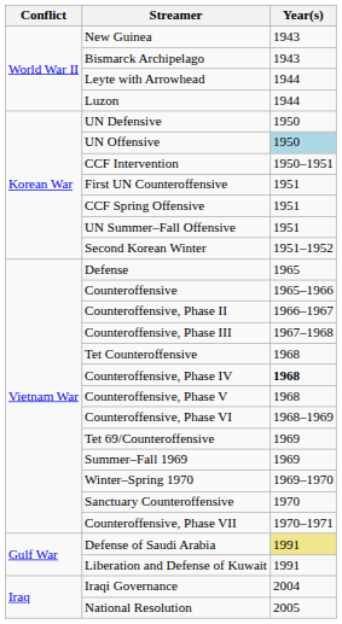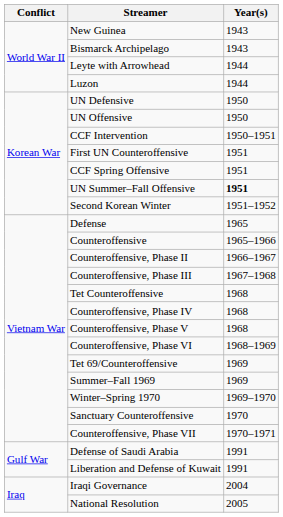 <table class=wikitable>
 <tr style="background:#efefef;">
 <th>Conflict</th>
 <th>Streamer</th>
 <th>Year(s)</th>
 </tr>
 <tr>
 <td rowspan="4"><a href='#'>World War II</a> <br> </td>
 <td>New Guinea</td>
 <td>1943</td>
 </tr>
 <tr>
 <td>Bismarck Archipelago</td>
 <td>1943</td>
 </tr>
 <tr>
 <td>Leyte with Arrowhead</td>
 <td>1944</td>
 </tr>
 <tr>
 <td>Luzon</td>
 <td>1944</td>
 </tr>
 <tr>
 <td rowspan="7"><a href='#'>Korean War</a> <br> </td>
 <td>UN Defensive</td>
 <td>1950</td>
 </tr>
 <tr>
 <td>UN Offensive</td>
-<td style="background: lightblue;">1950</td>
+<td>1950</td>
 </tr>
 <tr>
 <td>CCF Intervention</td>
 <td>1950–1951</td>
 </tr>
 <tr>
 <td>First UN Counteroffensive</td>
 <td>1951</td>
 </tr>
 <tr>
 <td>CCF Spring Offensive</td>
 <td>1951</td>
 </tr>
 <tr>
 <td>UN Summer–Fall Offensive</td>
-<td>1951</td>
+<td><strong>1951</strong></td>
 </tr>
 <tr>
 <td>Second Korean Winter</td>
 <td>1951–1952</td>
 </tr>
 <tr>
 <td rowspan="13"><a href='#'>Vietnam War</a> <br> </td>
 <td>Defense</td>
 <td>1965</td>
 </tr>
 <tr>
 <td>Counteroffensive</td>
 <td>1965–1966</td>
 </tr>
 <tr>
 <td>Counteroffensive, Phase II</td>
 <td>1966–1967</td>
 </tr>
 <tr>
 <td>Counteroffensive, Phase III</td>
 <td>1967–1968</td>
 </tr>
 <tr>
 <td>Tet Counteroffensive</td>
 <td>1968</td>
 </tr>
 <tr>
 <td>Counteroffensive, Phase IV</td>
-<td><strong>1968</strong></td>
+<td>1968</td>
 </tr>
 <tr>
 <td>Counteroffensive, Phase V</td>
 <td>1968</td>
 </tr>
 <tr>
 <td>Counteroffensive, Phase VI</td>
 <td>1968–1969</td>
 </tr>
 <tr>
 <td>Tet 69/Counteroffensive</td>
 <td>1969</td>
 </tr>
 <tr>
 <td>Summer–Fall 1969</td>
 <td>1969</td>
 </tr>
 <tr>
 <td>Winter–Spring 1970</td>
 <td>1969–1970</td>
 </tr>
 <tr>
 <td>Sanctuary Counteroffensive</td>
 <td>1970</td>
 </tr>
 <tr>
 <td>Counteroffensive, Phase VII</td>
 <td>1970–1971</td>
 </tr>
 <tr>
 <td rowspan="2"><a href='#'>Gulf War</a> <br> </td>
 <td>Defense of Saudi Arabia</td>
-<td style="background: khaki;">1991</td>
+<td>1991</td>
 </tr>
 <tr>
 <td>Liberation and Defense of Kuwait</td>
 <td>1991</td>
 </tr>
 <tr>
 <td rowspan="4"><a href='#'>Iraq</a><br> </td>
 <td>Iraqi Governance</td>
 <td>2004</td>
 </tr>
 <tr>
 <td>National Resolution</td>
 <td>2005</td>
 </tr>
 </table>
